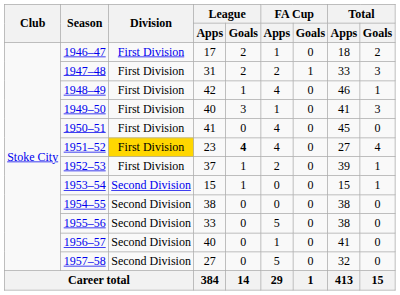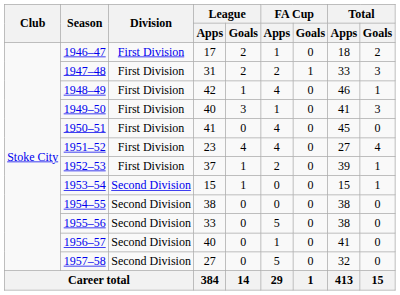 <table class="wikitable" style="text-align: center;">
 <tr>
 <th rowspan="2">Club</th>
 <th rowspan="2">Season</th>
 <th rowspan="2">Division</th>
 <th colspan="2">League</th>
 <th colspan="2">FA Cup</th>
 <th colspan="2">Total</th>
 </tr>
 <tr>
 <th>Apps</th>
 <th>Goals</th>
 <th>Apps</th>
 <th>Goals</th>
 <th>Apps</th>
 <th>Goals</th>
 </tr>
 <tr>
 <td rowspan="12"><a href='#'>Stoke City</a></td>
 <td><a href='#'>1946–47</a></td>
 <td><a href='#'>First Division</a></td>
 <td>17</td>
 <td>2</td>
 <td>1</td>
 <td>0</td>
 <td>18</td>
 <td>2</td>
 </tr>
 <tr>
 <td><a href='#'>1947–48</a></td>
 <td>First Division</td>
 <td>31</td>
 <td>2</td>
 <td>2</td>
 <td>1</td>
 <td>33</td>
 <td>3</td>
 </tr>
 <tr>
 <td><a href='#'>1948–49</a></td>
 <td>First Division</td>
 <td>42</td>
 <td>1</td>
 <td>4</td>
 <td>0</td>
 <td>46</td>
 <td>1</td>
 </tr>
 <tr>
 <td><a href='#'>1949–50</a></td>
 <td>First Division</td>
 <td>40</td>
 <td>3</td>
 <td>1</td>
 <td>0</td>
 <td>41</td>
 <td>3</td>
 </tr>
 <tr>
 <td><a href='#'>1950–51</a></td>
 <td>First Division</td>
 <td>41</td>
 <td>0</td>
 <td>4</td>
 <td>0</td>
 <td>45</td>
 <td>0</td>
 </tr>
 <tr>
 <td><a href='#'>1951–52</a></td>
-<td style="background: gold;">First Division</td>
+<td>First Division</td>
 <td>23</td>
-<td><strong>4</strong></td>
+<td>4</td>
 <td>4</td>
 <td>0</td>
 <td>27</td>
 <td>4</td>
 </tr>
 <tr>
 <td><a href='#'>1952–53</a></td>
 <td>First Division</td>
 <td>37</td>
 <td>1</td>
 <td>2</td>
 <td>0</td>
 <td>39</td>
 <td>1</td>
 </tr>
 <tr>
 <td><a href='#'>1953–54</a></td>
 <td><a href='#'>Second Division</a></td>
 <td>15</td>
 <td>1</td>
 <td>0</td>
 <td>0</td>
 <td>15</td>
 <td>1</td>
 </tr>
 <tr>
 <td><a href='#'>1954–55</a></td>
 <td>Second Division</td>
 <td>38</td>
 <td>0</td>
 <td>0</td>
 <td>0</td>
 <td>38</td>
 <td>0</td>
 </tr>
 <tr>
 <td><a href='#'>1955–56</a></td>
 <td>Second Division</td>
 <td>33</td>
 <td>0</td>
 <td>5</td>
 <td>0</td>
 <td>38</td>
 <td>0</td>
 </tr>
 <tr>
 <td><a href='#'>1956–57</a></td>
 <td>Second Division</td>
 <td>40</td>
 <td>0</td>
 <td>1</td>
 <td>0</td>
 <td>41</td>
 <td>0</td>
 </tr>
 <tr>
 <td><a href='#'>1957–58</a></td>
 <td>Second Division</td>
 <td>27</td>
 <td>0</td>
 <td>5</td>
 <td>0</td>
 <td>32</td>
 <td>0</td>
 </tr>
 <tr>
 <th colspan="3">Career total</th>
 <th>384</th>
 <th>14</th>
 <th>29</th>
 <th>1</th>
 <th>413</th>
 <th>15</th>
 </tr>
 </table>
